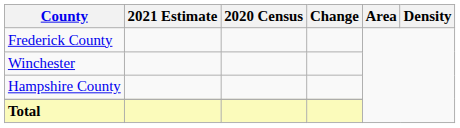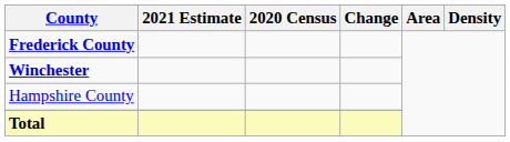 <table class="wikitable sortable">
 <tr>
 <th><a href='#'>County</a></th>
 <th>2021 Estimate</th>
 <th>2020 Census</th>
 <th>Change</th>
 <th>Area</th>
 <th>Density</th>
 </tr>
 <tr>
-<td><a href='#'>Frederick County</a></td>
+<td><strong><a href='#'>Frederick County</a></strong></td>
 <td></td>
 <td></td>
 <td></td>
 </tr>
 <tr>
-<td><a href='#'>Winchester</a></td>
+<td><strong><a href='#'>Winchester</a></strong></td>
 <td></td>
 <td></td>
 <td></td>
 </tr>
 <tr>
 <td><a href='#'>Hampshire County</a></td>
 <td></td>
 <td></td>
 <td></td>
 </tr>
 <tr>
 </tr>
 <tr class=sortbottom style="background:#fbfbbb">
 <td><strong>Total</strong></td>
 <td></td>
 <td></td>
 <td></td>
 </tr>
 </table>
